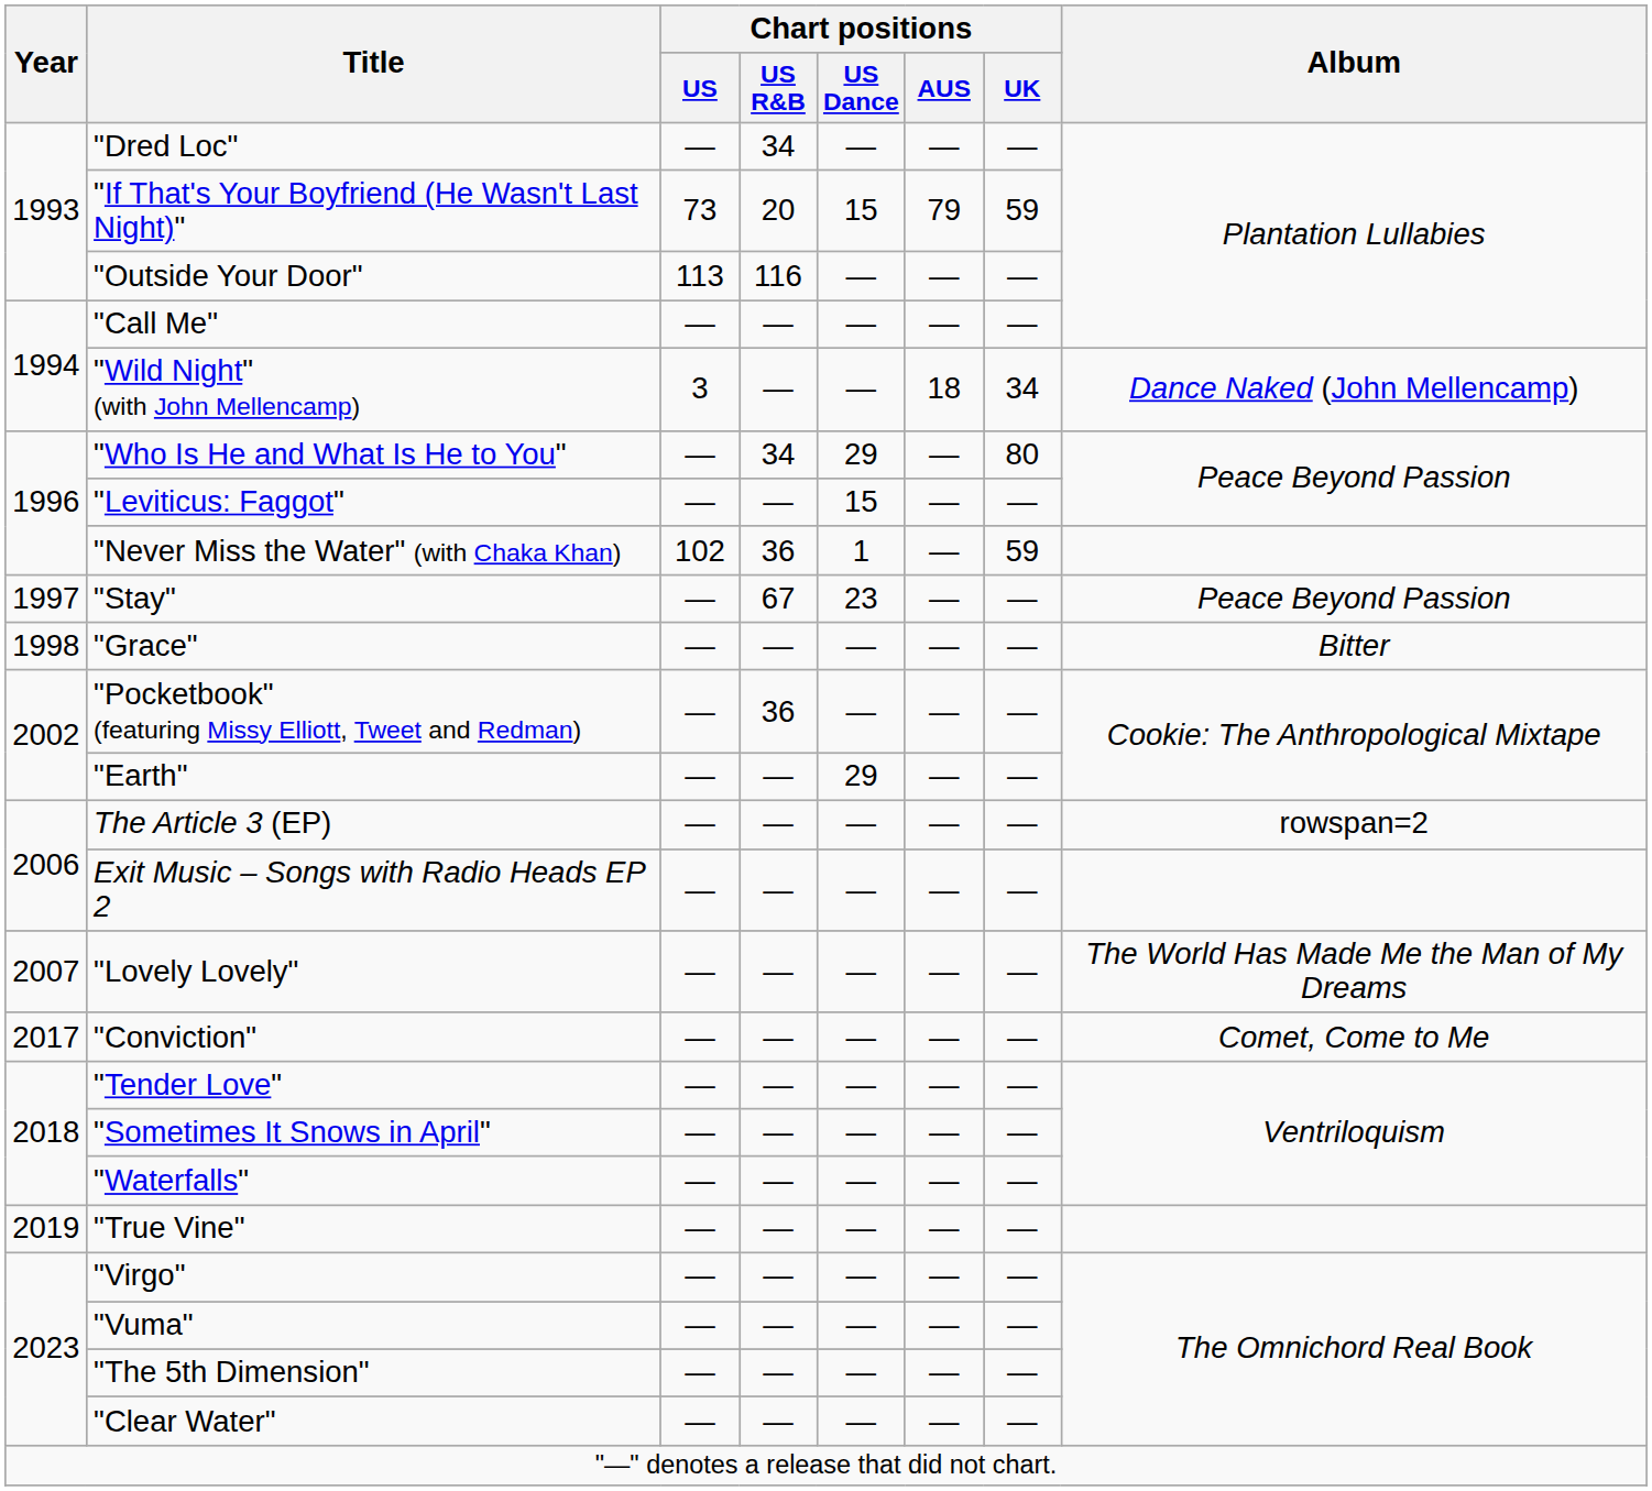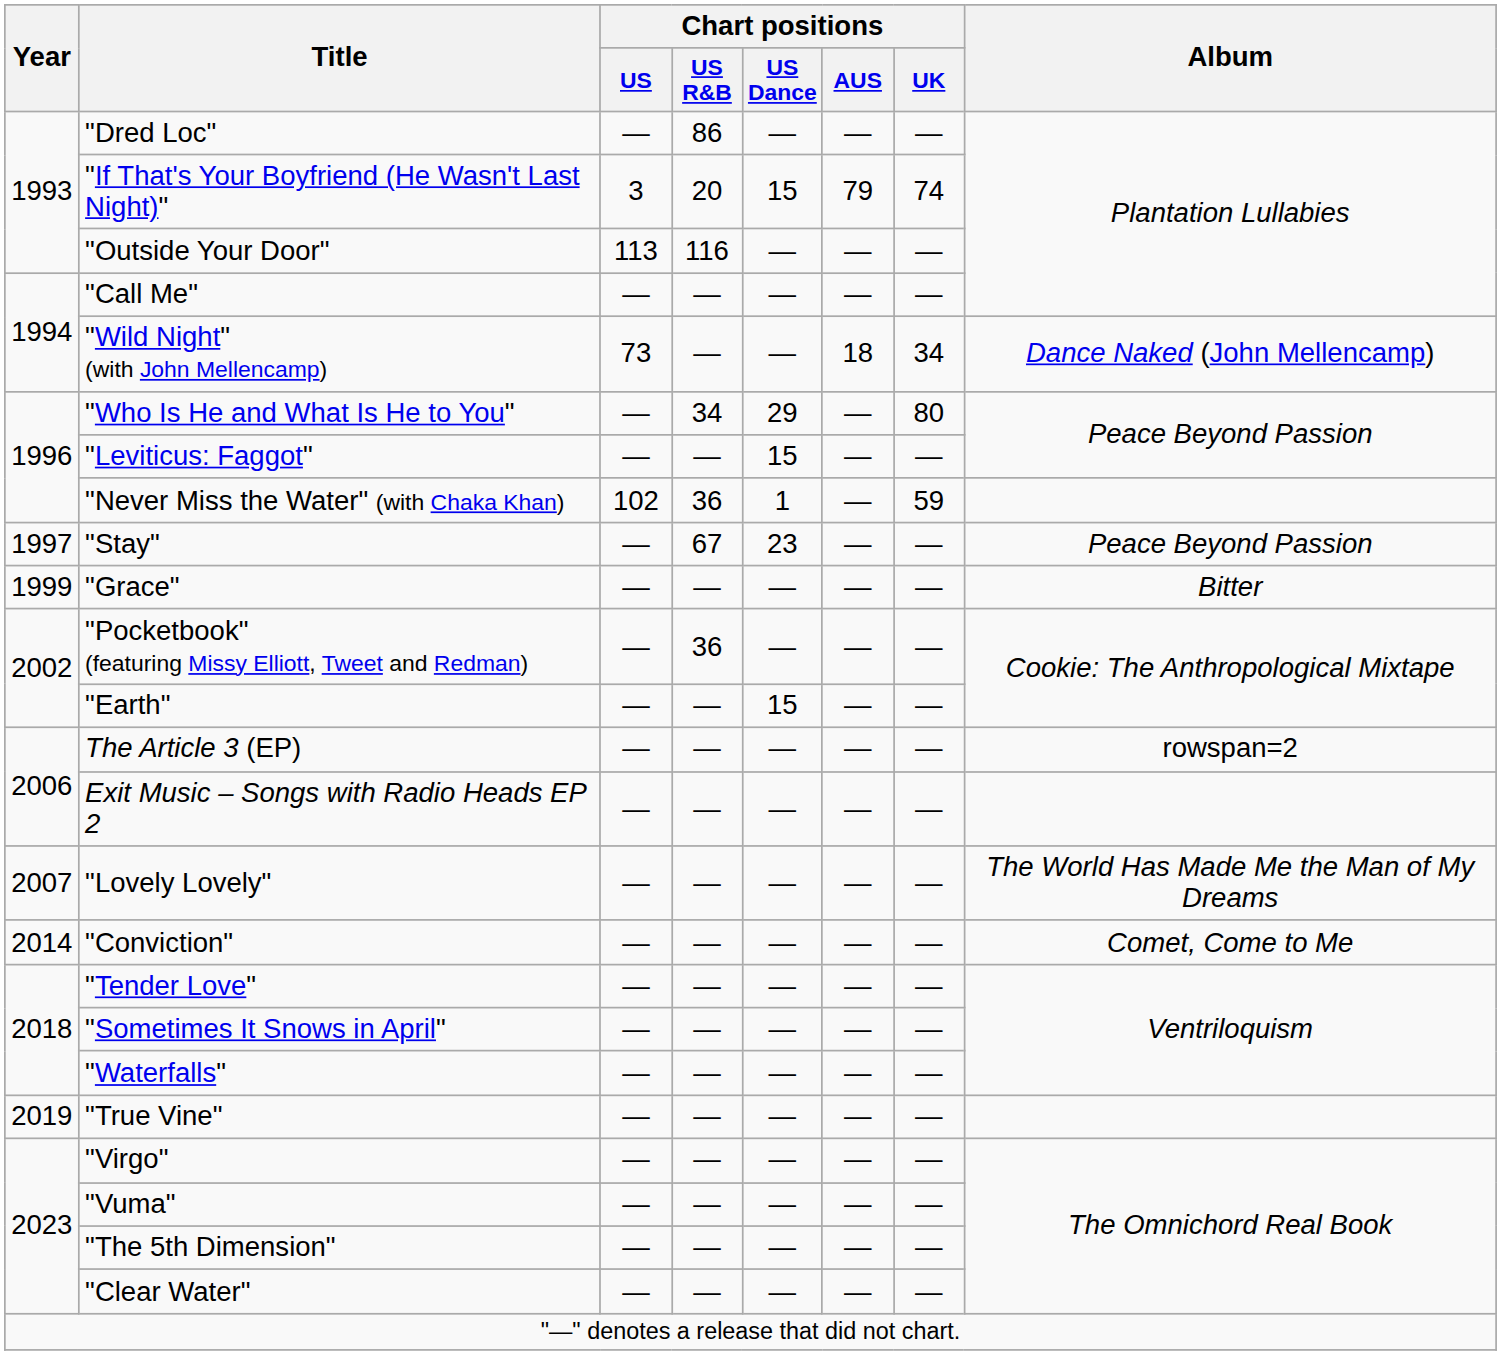 <table class="wikitable" style="text-align:center;">
 <tr>
 <th scope="col" rowspan="2">Year</th>
 <th scope="col" rowspan="2">Title</th>
 <th scope="col" colspan="5">Chart positions</th>
 <th scope="col" rowspan="2">Album</th>
 </tr>
 <tr style="font-size:smaller;">
 <th scope="col" width="35"><a href='#'>US</a><br></th>
 <th scope="col" width="35"><a href='#'>US<br>R&B</a><br></th>
 <th scope="col" width="35"><a href='#'>US<br>Dance</a><br></th>
 <th scope="col" width="35"><a href='#'>AUS</a><br></th>
 <th scope="col" width="35"><a href='#'>UK</a><br></th>
 </tr>
 <tr>
 <td rowspan="3">1993</td>
 <td align="left">"Dred Loc"</td>
 <td>—</td>
-<td>34</td>
+<td>86</td>
 <td>—</td>
 <td>—</td>
 <td>—</td>
 <td rowspan="4"><em>Plantation Lullabies</em></td>
 </tr>
 <tr>
 <td align="left">"<a href='#'>If That's Your Boyfriend (He Wasn't Last Night)</a>"</td>
-<td>73</td>
+<td>3</td>
 <td>20</td>
 <td>15</td>
 <td>79</td>
-<td>59</td>
+<td>74</td>
 </tr>
 <tr>
 <td align="left">"Outside Your Door"</td>
 <td>113</td>
 <td>116</td>
 <td>—</td>
 <td>—</td>
 <td>—</td>
 </tr>
 <tr>
 <td rowspan="2">1994</td>
 <td align="left">"Call Me"</td>
 <td>—</td>
 <td>—</td>
 <td>—</td>
 <td>—</td>
 <td>—</td>
 </tr>
 <tr>
 <td align="left">"<a href='#'>Wild Night</a>"<br> <small>(with <a href='#'>John Mellencamp</a>)</small></td>
-<td>3</td>
+<td>73</td>
 <td>—</td>
 <td>—</td>
 <td>18</td>
 <td>34</td>
 <td><em><a href='#'>Dance Naked</a></em> (<a href='#'>John Mellencamp</a>)</td>
 </tr>
 <tr>
 <td rowspan="3">1996</td>
 <td align="left">"<a href='#'>Who Is He and What Is He to You</a>"</td>
 <td>—</td>
 <td>34</td>
 <td>29</td>
 <td>—</td>
 <td>80</td>
 <td rowspan="2"><em>Peace Beyond Passion</em></td>
 </tr>
 <tr>
 <td align="left">"<a href='#'>Leviticus: Faggot</a>"</td>
 <td>—</td>
 <td>—</td>
 <td>15</td>
 <td>—</td>
 <td>—</td>
 </tr>
 <tr>
 <td align="left">"Never Miss the Water" <small>(with <a href='#'>Chaka Khan</a>)</small></td>
 <td>102</td>
 <td>36</td>
 <td>1</td>
 <td>—</td>
 <td>59</td>
 <td></td>
 </tr>
 <tr>
 <td>1997</td>
 <td align="left">"Stay"</td>
 <td>—</td>
 <td>67</td>
 <td>23</td>
 <td>—</td>
 <td>—</td>
 <td><em>Peace Beyond Passion</em></td>
 </tr>
 <tr>
-<td>1998</td>
+<td>1999</td>
 <td align="left">"Grace"</td>
 <td>—</td>
 <td>—</td>
 <td>—</td>
 <td>—</td>
 <td>—</td>
 <td><em>Bitter</em></td>
 </tr>
 <tr>
 <td rowspan="2">2002</td>
 <td align="left">"Pocketbook"<br><small>(featuring <a href='#'>Missy Elliott</a>, <a href='#'>Tweet</a> and <a href='#'>Redman</a>)</small></td>
 <td>—</td>
 <td>36</td>
 <td>—</td>
 <td>—</td>
 <td>—</td>
 <td rowspan="2"><em>Cookie: The Anthropological Mixtape</em></td>
 </tr>
 <tr>
 <td align="left">"Earth"</td>
 <td>—</td>
 <td>—</td>
-<td>29</td>
+<td>15</td>
 <td>—</td>
 <td>—</td>
 </tr>
 <tr>
 <td rowspan=2>2006</td>
 <td align="left"><em>The Article 3</em> (EP)</td>
 <td>—</td>
 <td>—</td>
 <td>—</td>
 <td>—</td>
 <td>—</td>
 <td>rowspan=2 </td>
 </tr>
 <tr>
 <td align="left"><em>Exit Music – Songs with Radio Heads EP 2</em></td>
 <td>—</td>
 <td>—</td>
 <td>—</td>
 <td>—</td>
 <td>—</td>
 </tr>
 <tr>
 <td>2007</td>
 <td align="left">"Lovely Lovely"</td>
 <td>—</td>
 <td>—</td>
 <td>—</td>
 <td>—</td>
 <td>—</td>
 <td><em>The World Has Made Me the Man of My Dreams</em></td>
 </tr>
 <tr>
-<td>2017</td>
+<td>2014</td>
 <td align="left">"Conviction"</td>
 <td>—</td>
 <td>—</td>
 <td>—</td>
 <td>—</td>
 <td>—</td>
 <td><em>Comet, Come to Me</em></td>
 </tr>
 <tr>
 <td rowspan=3>2018</td>
 <td align="left">"<a href='#'>Tender Love</a>"</td>
 <td>—</td>
 <td>—</td>
 <td>—</td>
 <td>—</td>
 <td>—</td>
 <td rowspan=3><em>Ventriloquism</em></td>
 </tr>
 <tr>
 <td align="left">"<a href='#'>Sometimes It Snows in April</a>"</td>
 <td>—</td>
 <td>—</td>
 <td>—</td>
 <td>—</td>
 <td>—</td>
 </tr>
 <tr>
 <td align="left">"<a href='#'>Waterfalls</a>"</td>
 <td>—</td>
 <td>—</td>
 <td>—</td>
 <td>—</td>
 <td>—</td>
 </tr>
 <tr>
 <td>2019</td>
 <td align="left">"True Vine"<br></td>
 <td>—</td>
 <td>—</td>
 <td>—</td>
 <td>—</td>
 <td>—</td>
 <td></td>
 </tr>
 <tr>
 <td rowspan=4>2023</td>
 <td align="left">"Virgo"</td>
 <td>—</td>
 <td>—</td>
 <td>—</td>
 <td>—</td>
 <td>—</td>
 <td rowspan=4><em>The Omnichord Real Book</em></td>
 </tr>
 <tr>
 <td align="left">"Vuma"<br></td>
 <td>—</td>
 <td>—</td>
 <td>—</td>
 <td>—</td>
 <td>—</td>
 </tr>
 <tr>
 <td align="left">"The 5th Dimension"<br></td>
 <td>—</td>
 <td>—</td>
 <td>—</td>
 <td>—</td>
 <td>—</td>
 </tr>
 <tr>
 <td align="left">"Clear Water"<br></td>
 <td>—</td>
 <td>—</td>
 <td>—</td>
 <td>—</td>
 <td>—</td>
 </tr>
 <tr>
 <td colspan="12" style="font-size: 85%">"—" denotes a release that did not chart.</td>
 </tr>
 </table>
